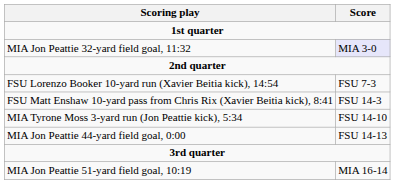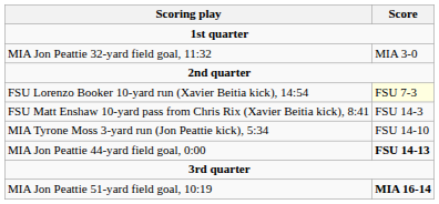 <table class="wikitable">
 <tr>
 <th>Scoring play</th>
 <th>Score</th>
 </tr>
 <tr>
 <td colspan="4" style="text-align:center;"><strong>1st quarter</strong></td>
 </tr>
 <tr>
 <td>MIA Jon Peattie 32-yard field goal, 11:32</td>
-<td style="background: lavender;">MIA 3-0</td>
+<td>MIA 3-0</td>
 </tr>
 <tr>
 <td colspan="4" style="text-align:center;"><strong>2nd quarter</strong></td>
 </tr>
 <tr>
 <td>FSU Lorenzo Booker 10-yard run (Xavier Beitia kick), 14:54</td>
-<td>FSU 7-3</td>
+<td style="background: lightyellow;">FSU 7-3</td>
 </tr>
 <tr>
 <td>FSU Matt Enshaw 10-yard pass from Chris Rix (Xavier Beitia kick), 8:41</td>
 <td>FSU 14-3</td>
 </tr>
 <tr>
 <td>MIA Tyrone Moss 3-yard run (Jon Peattie kick), 5:34</td>
 <td>FSU 14-10</td>
 </tr>
 <tr>
 <td>MIA Jon Peattie 44-yard field goal, 0:00</td>
-<td>FSU 14-13</td>
+<td><strong>FSU 14-13</strong></td>
 </tr>
 <tr>
 <td colspan="4" style="text-align:center;"><strong>3rd quarter</strong></td>
 </tr>
 <tr>
 <td>MIA Jon Peattie 51-yard field goal, 10:19</td>
-<td>MIA 16-14</td>
+<td><strong>MIA 16-14</strong></td>
 </tr>
 </table>
